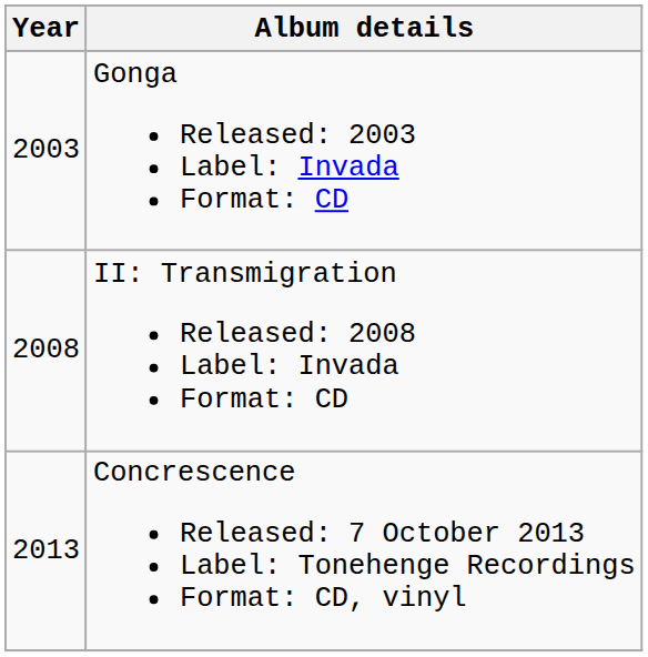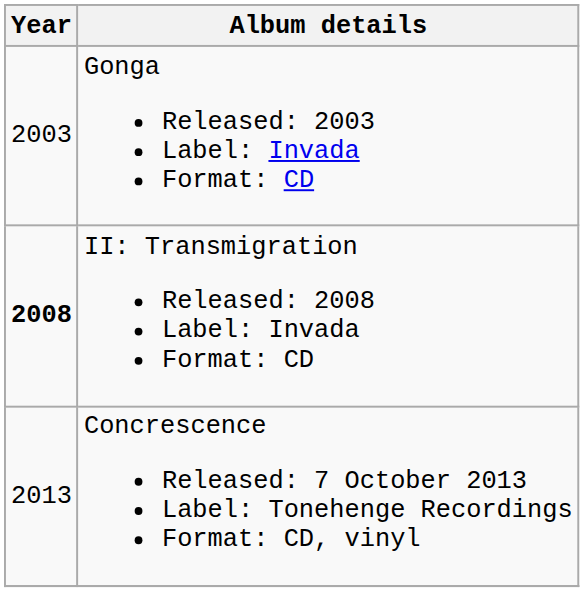 <table class="wikitable">
 <tr>
 <th>Year</th>
 <th>Album details</th>
 </tr>
 <tr>
 <td>2003</td>
 <td>Gonga<br><ul><li>Released: 2003</li><li>Label: <a href='#'>Invada</a></li><li>Format: <a href='#'>CD</a></li></ul></td>
 </tr>
 <tr>
-<td>2008</td>
+<td><strong>2008</strong></td>
 <td>II: Transmigration<br><ul><li>Released: 2008</li><li>Label: Invada</li><li>Format: CD</li></ul></td>
 </tr>
 <tr>
 <td>2013</td>
 <td>Concrescence<br><ul><li>Released: 7 October 2013</li><li>Label: Tonehenge Recordings</li><li>Format: CD, vinyl</li></ul></td>
 </tr>
 <tr>
 </tr>
 </table>
